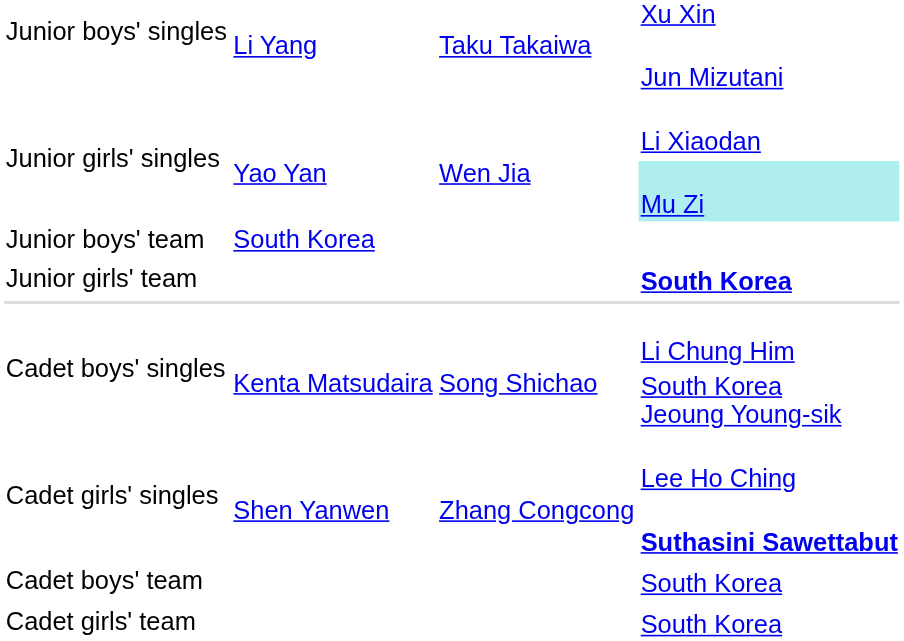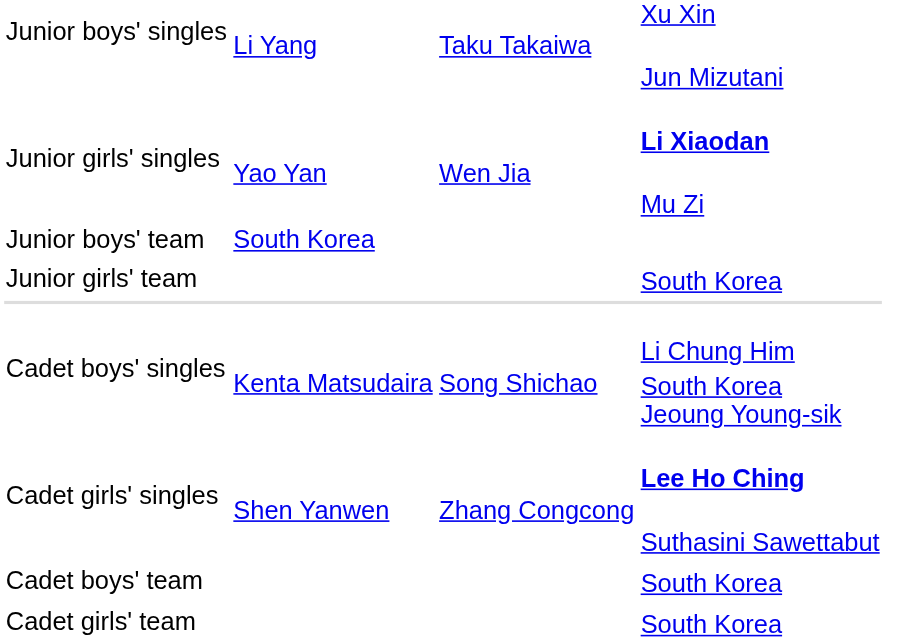 <table>
 <tr>
 <td rowspan=2>Junior boys' singles</td>
 <td rowspan=2><br><a href='#'>Li Yang</a></td>
 <td rowspan=2><br><a href='#'>Taku Takaiwa</a></td>
 <td><br><a href='#'>Xu Xin</a></td>
 </tr>
 <tr>
 <td><br><a href='#'>Jun Mizutani</a></td>
 </tr>
 <tr>
 <td rowspan=2>Junior girls' singles</td>
 <td rowspan=2><br><a href='#'>Yao Yan</a></td>
 <td rowspan=2><br><a href='#'>Wen Jia</a></td>
-<td><br><a href='#'>Li Xiaodan</a></td>
+<td><strong><br><a href='#'>Li Xiaodan</a></strong></td>
 </tr>
 <tr>
-<td style="background: paleturquoise;"><br><a href='#'>Mu Zi</a></td>
+<td><br><a href='#'>Mu Zi</a></td>
 </tr>
 <tr>
 <td rowspan=2>Junior boys' team</td>
 <td rowspan=2> <a href='#'>South Korea</a></td>
 <td rowspan=2></td>
 <td></td>
 </tr>
 <tr>
 <td></td>
 </tr>
 <tr>
 <td rowspan=2>Junior girls' team</td>
 <td rowspan=2></td>
 <td rowspan=2></td>
 <td></td>
 </tr>
 <tr>
-<td><strong> <a href='#'>South Korea</a></strong></td>
+<td> <a href='#'>South Korea</a></td>
 </tr>
 <tr style="background:#dddddd;">
 <td colspan=7></td>
 </tr>
 <tr>
 <td rowspan=2>Cadet boys' singles</td>
 <td rowspan=2><br><a href='#'>Kenta Matsudaira</a></td>
 <td rowspan=2><br><a href='#'>Song Shichao</a></td>
 <td><br><a href='#'>Li Chung Him</a></td>
 </tr>
 <tr>
 <td> <a href='#'>South Korea</a><br><a href='#'>Jeoung Young-sik</a></td>
 </tr>
 <tr>
 <td rowspan=2>Cadet girls' singles</td>
 <td rowspan=2><br><a href='#'>Shen Yanwen</a></td>
 <td rowspan=2><br><a href='#'>Zhang Congcong</a></td>
-<td><br><a href='#'>Lee Ho Ching</a></td>
+<td><strong><br><a href='#'>Lee Ho Ching</a></strong></td>
 </tr>
 <tr>
-<td><strong><br><a href='#'>Suthasini Sawettabut</a></strong></td>
+<td><br><a href='#'>Suthasini Sawettabut</a></td>
 </tr>
 <tr>
 <td rowspan=2>Cadet boys' team</td>
 <td rowspan=2></td>
 <td rowspan=2></td>
 <td></td>
 </tr>
 <tr>
 <td> <a href='#'>South Korea</a></td>
 </tr>
 <tr>
 <td rowspan=2>Cadet girls' team</td>
 <td rowspan=2></td>
 <td rowspan=2></td>
 <td></td>
 </tr>
 <tr>
 <td> <a href='#'>South Korea</a></td>
 </tr>
 </table>
